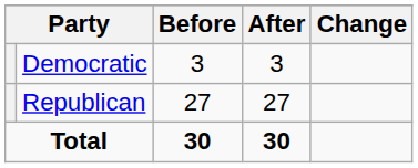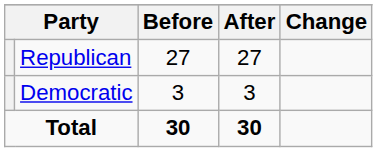 <table class="wikitable" style="text-align:center;">
 <tr>
 </tr>
 <tr>
 <th colspan=2>Party</th>
 <th>Before</th>
 <th>After</th>
 <th>Change</th>
 </tr>
 <tr>
 <th style="background-color:"></th>
-<td style="text-align:left;"><a href='#'>Democratic</a></td>
-<td>3</td>
-<td>3</td>
+<td style="text-align:left;"><a href='#'>Republican</a></td>
+<td>27</td>
+<td>27</td>
 <td></td>
 </tr>
 <tr>
 <th style="background-color:"></th>
-<td style="text-align:left;"><a href='#'>Republican</a></td>
-<td>27</td>
-<td>27</td>
+<td style="text-align:left;"><a href='#'>Democratic</a></td>
+<td>3</td>
+<td>3</td>
 <td></td>
 </tr>
 <tr>
 <td colspan=2><strong>Total</strong></td>
 <td><strong>30</strong></td>
 <td><strong>30</strong></td>
 <td></td>
 </tr>
 </table>
